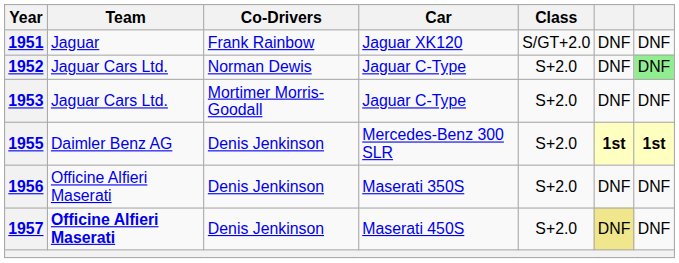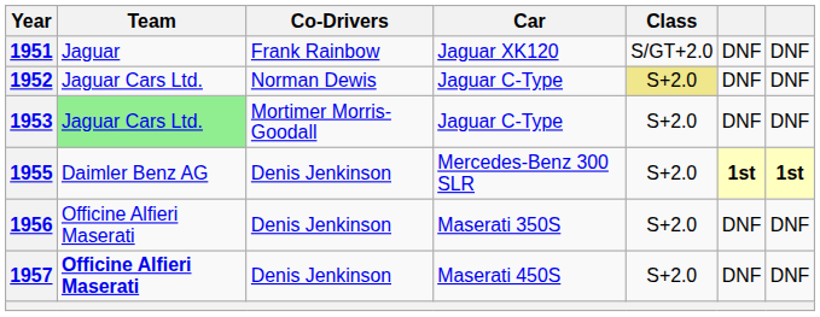 <table class="wikitable" style="text-align:center; font-size:90%">
 <tr>
 <th>Year</th>
 <th>Team</th>
 <th>Co-Drivers</th>
 <th>Car</th>
 <th>Class</th>
 <th></th>
 <th></th>
 </tr>
 <tr>
 <th><a href='#'>1951</a></th>
 <td align="left"> <a href='#'>Jaguar</a></td>
 <td align="left"> <a href='#'>Frank Rainbow</a></td>
 <td align="left"><a href='#'>Jaguar XK120</a></td>
 <td>S/GT+2.0</td>
 <td>DNF</td>
 <td>DNF</td>
 </tr>
 <tr>
 <th><a href='#'>1952</a></th>
 <td align="left"> <a href='#'>Jaguar Cars Ltd.</a></td>
 <td align="left"> <a href='#'>Norman Dewis</a></td>
 <td align="left"><a href='#'>Jaguar C-Type</a></td>
-<td>S+2.0</td>
+<td style="background: khaki;">S+2.0</td>
 <td>DNF</td>
-<td style="background: lightgreen;">DNF</td>
+<td>DNF</td>
 </tr>
 <tr>
 <th><a href='#'>1953</a></th>
-<td align="left"> <a href='#'>Jaguar Cars Ltd.</a></td>
+<td align="left" style="background: lightgreen;"> <a href='#'>Jaguar Cars Ltd.</a></td>
 <td align="left"> <a href='#'>Mortimer Morris-Goodall</a></td>
 <td align="left"><a href='#'>Jaguar C-Type</a></td>
 <td>S+2.0</td>
 <td>DNF</td>
 <td>DNF</td>
 </tr>
 <tr>
 <th><a href='#'>1955</a></th>
 <td align="left"> <a href='#'>Daimler Benz AG</a></td>
 <td align="left"> <a href='#'>Denis Jenkinson</a></td>
 <td align="left"><a href='#'>Mercedes-Benz 300 SLR</a></td>
 <td>S+2.0</td>
 <td style="background:#FFFFBF"><strong>1st</strong></td>
 <td style="background:#FFFFBF"><strong>1st</strong></td>
 </tr>
 <tr>
 <th><a href='#'>1956</a></th>
 <td align="left"> <a href='#'>Officine Alfieri Maserati</a></td>
 <td align="left"> <a href='#'>Denis Jenkinson</a></td>
 <td align="left"><a href='#'>Maserati 350S</a></td>
 <td>S+2.0</td>
 <td>DNF</td>
 <td>DNF</td>
 </tr>
 <tr>
 <th><a href='#'>1957</a></th>
 <td align="left"><strong> <a href='#'>Officine Alfieri Maserati</a></strong></td>
 <td align="left"> <a href='#'>Denis Jenkinson</a></td>
 <td align="left"><a href='#'>Maserati 450S</a></td>
 <td>S+2.0</td>
-<td style="background: khaki;">DNF</td>
+<td>DNF</td>
 <td>DNF</td>
 </tr>
 <tr>
 <th colspan="8"></th>
 </tr>
 </table>
